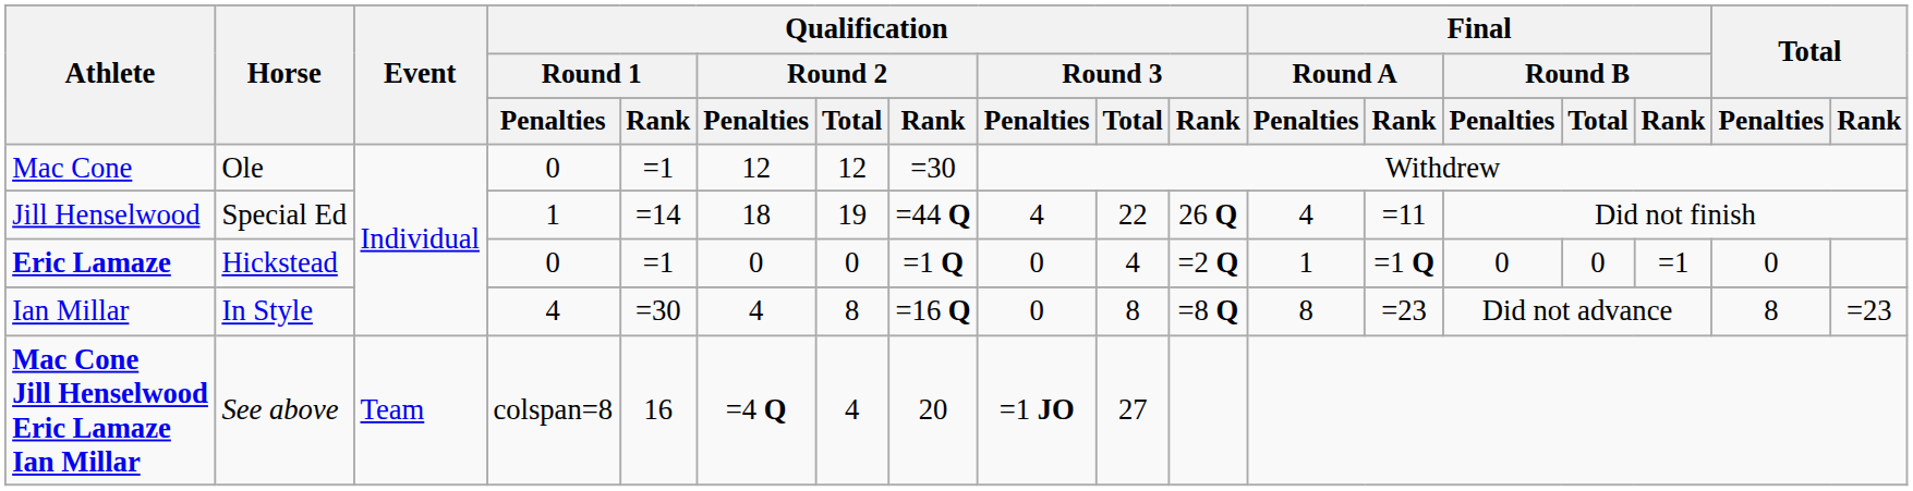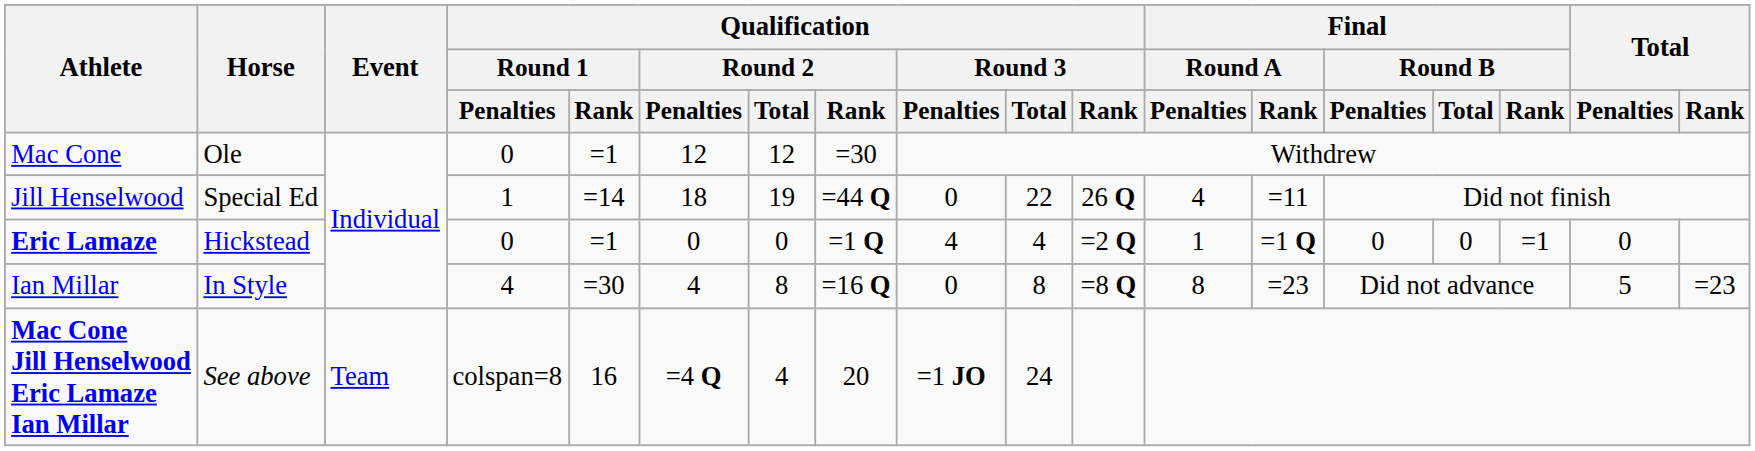 <table class="wikitable" style="font-size:90%">
 <tr>
 <th rowspan="3">Athlete</th>
 <th rowspan="3">Horse</th>
 <th rowspan="3">Event</th>
 <th colspan="8">Qualification</th>
 <th colspan="5">Final</th>
 <th rowspan=2 colspan="2">Total</th>
 </tr>
 <tr style="font-size:95%">
 <th colspan="2">Round 1</th>
 <th colspan="3">Round 2</th>
 <th colspan="3">Round 3</th>
 <th colspan="2">Round A</th>
 <th colspan="3">Round B</th>
 </tr>
 <tr style="font-size:95%">
 <th>Penalties</th>
 <th>Rank</th>
 <th>Penalties</th>
 <th>Total</th>
 <th>Rank</th>
 <th>Penalties</th>
 <th>Total</th>
 <th>Rank</th>
 <th>Penalties</th>
 <th>Rank</th>
 <th>Penalties</th>
 <th>Total</th>
 <th>Rank</th>
 <th>Penalties</th>
 <th>Rank</th>
 </tr>
 <tr align=center>
 <td align=left><a href='#'>Mac Cone</a></td>
 <td align=left>Ole</td>
 <td align=left rowspan=4><a href='#'>Individual</a></td>
 <td>0</td>
 <td>=1</td>
 <td>12</td>
 <td>12</td>
 <td>=30</td>
 <td colspan=10>Withdrew</td>
 </tr>
 <tr align=center>
 <td align=left><a href='#'>Jill Henselwood</a></td>
 <td align=left>Special Ed</td>
 <td>1</td>
 <td>=14</td>
 <td>18</td>
 <td>19</td>
 <td>=44 <strong>Q</strong></td>
-<td>4</td>
+<td>0</td>
 <td>22</td>
 <td>26 <strong>Q</strong></td>
 <td>4</td>
 <td>=11</td>
 <td colspan=5>Did not finish</td>
 </tr>
 <tr align=center>
 <td align=left><strong><a href='#'>Eric Lamaze</a></strong></td>
 <td align=left><a href='#'>Hickstead</a></td>
 <td>0</td>
 <td>=1</td>
 <td>0</td>
 <td>0</td>
 <td>=1 <strong>Q</strong></td>
-<td>0</td>
+<td>4</td>
 <td>4</td>
 <td>=2 <strong>Q</strong></td>
 <td>1</td>
 <td>=1 <strong>Q</strong></td>
 <td>0</td>
 <td>0</td>
 <td>=1</td>
 <td>0</td>
 <td></td>
 </tr>
 <tr align=center>
 <td align=left><a href='#'>Ian Millar</a></td>
 <td align=left><a href='#'>In Style</a></td>
 <td>4</td>
 <td>=30</td>
 <td>4</td>
 <td>8</td>
 <td>=16 <strong>Q</strong></td>
 <td>0</td>
 <td>8</td>
 <td>=8 <strong>Q</strong></td>
 <td>8</td>
 <td>=23</td>
 <td colspan=3>Did not advance</td>
-<td>8</td>
+<td>5</td>
 <td>=23</td>
 </tr>
 <tr align=center>
 <td align=left><strong><a href='#'>Mac Cone</a><br><a href='#'>Jill Henselwood</a><br><a href='#'>Eric Lamaze</a><br><a href='#'>Ian Millar</a></strong></td>
 <td align=left><em>See above</em></td>
 <td align=left><a href='#'>Team</a></td>
 <td>colspan=8 </td>
 <td>16</td>
 <td>=4 <strong>Q</strong></td>
 <td>4</td>
 <td>20</td>
 <td>=1 <strong>JO</strong></td>
-<td>27</td>
+<td>24</td>
 <td></td>
 </tr>
 </table>
